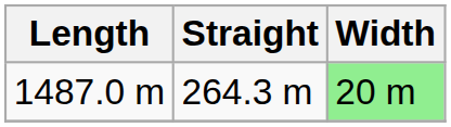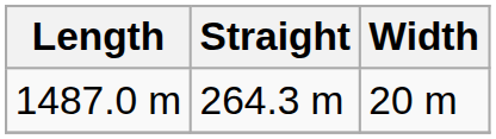 <table class="wikitable">
 <tr>
 <th>Length</th>
 <th>Straight</th>
 <th>Width</th>
 </tr>
 <tr>
 <td>1487.0 m</td>
 <td>264.3 m</td>
-<td style="background: lightgreen;">20 m</td>
+<td>20 m</td>
 </tr>
 <tr>
 </tr>
 </table>
